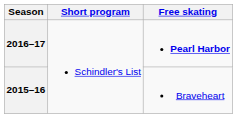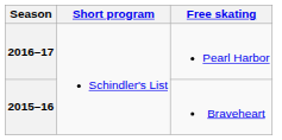 <table class=wikitable style=text-align:center>
 <tr>
 <th>Season</th>
 <th><a href='#'>Short program</a></th>
 <th><a href='#'>Free skating</a></th>
 </tr>
 <tr>
 <th>2016–17 <br> </th>
 <td rowspan=2><br><ul><li><a href='#'>Schindler's List</a> <br></li></ul></td>
-<td><strong><br><ul><li><a href='#'>Pearl Harbor</a> <br></li></ul></strong></td>
+<td><br><ul><li><a href='#'>Pearl Harbor</a> <br></li></ul></td>
 </tr>
 <tr>
 <th>2015–16 <br> </th>
 <td><br><ul><li><a href='#'>Braveheart</a> <br></li></ul></td>
 </tr>
 </table>
